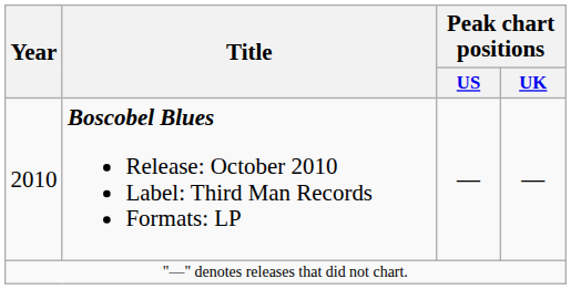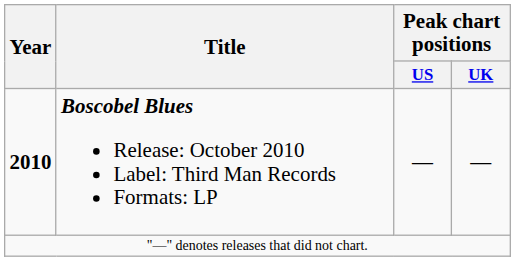 <table class="wikitable">
 <tr>
 <th rowspan="2">Year</th>
 <th rowspan="2" width="250">Title</th>
 <th colspan="2">Peak chart positions</th>
 </tr>
 <tr>
 <th style="width:3em;font-size:80%"><a href='#'>US</a><br></th>
 <th style="width:3em;font-size:80%"><a href='#'>UK</a><br></th>
 </tr>
 <tr>
-<td rowspan="1" align="center">2010</td>
+<td rowspan="1" align="center"><strong>2010</strong></td>
 <td><strong><em>Boscobel Blues</em></strong><br><ul><li>Release: October 2010</li><li>Label: Third Man Records</li><li>Formats: LP</li></ul></td>
 <td align="center">—</td>
 <td align="center">—</td>
 </tr>
 <tr>
 <td align="center" colspan="30" style="font-size: 8pt">"—" denotes releases that did not chart.</td>
 </tr>
 </table>
